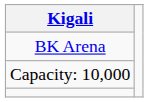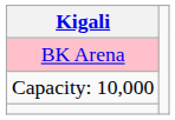 <table class="wikitable" style="text-align:center;margin:1em auto;">
 <tr>
 <th><a href='#'>Kigali</a></th>
 <td rowspan=4></td>
 </tr>
 <tr>
-<td><a href='#'>BK Arena</a></td>
+<td style="background: pink;"><a href='#'>BK Arena</a></td>
 </tr>
 <tr>
 <td>Capacity: 10,000</td>
 </tr>
 <tr>
 <td></td>
 </tr>
 </table>
